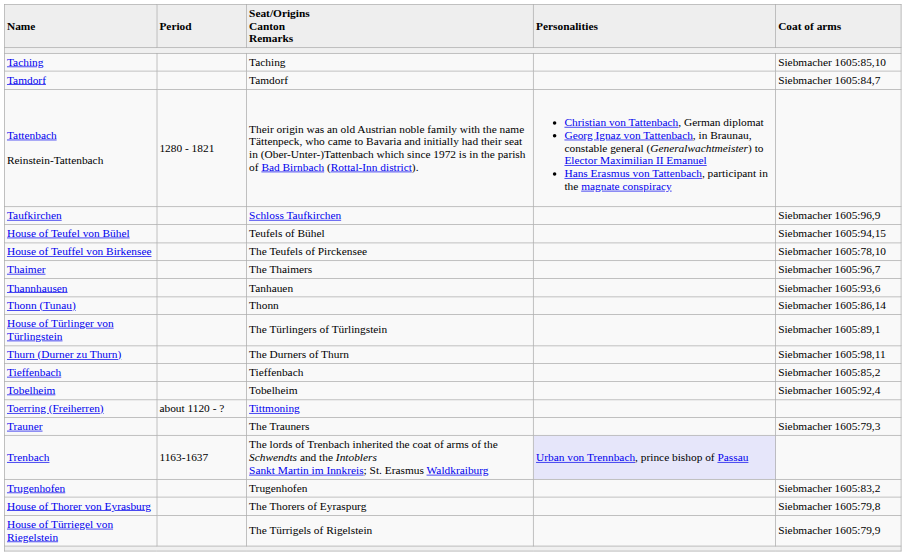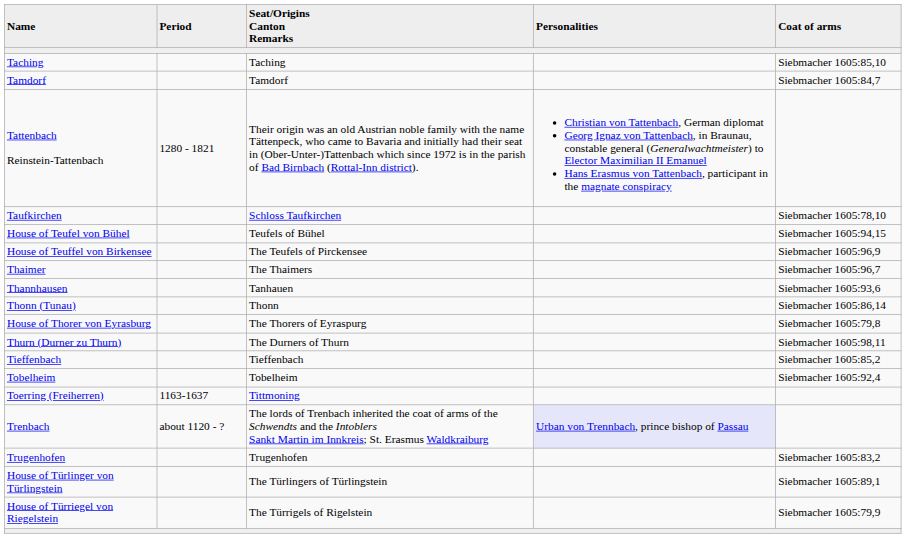 <table class="wikitable" width="100%">
 <tr>
 <td style="background:#EEEEEE;" ! width="17%"><strong>Name</strong></td>
 <td style="background:#EEEEEE;" ! width="10%"><strong>Period</strong></td>
 <td style="background:#EEEEEE;" ! width="32%"><strong>Seat/Origins <br> Canton <br> Remarks</strong></td>
 <td style="background:#EEEEEE;" ! width="27%"><strong>Personalities</strong></td>
 <td style="background:#EEEEEE;" ! width="14%"><strong>Coat of arms</strong></td>
 </tr>
 <tr>
 <td colspan="5" align="left" style="background:#f0f0f0;"></td>
 </tr>
 <tr>
 <td><a href='#'>Taching</a></td>
 <td></td>
 <td>Taching</td>
 <td></td>
 <td>Siebmacher 1605:85,10</td>
 </tr>
 <tr>
 <td><a href='#'>Tamdorf</a></td>
 <td></td>
 <td>Tamdorf</td>
 <td></td>
 <td>Siebmacher 1605:84,7</td>
 </tr>
 <tr>
 <td><a href='#'>Tattenbach</a><br><br>Reinstein-Tattenbach</td>
 <td>1280 - 1821</td>
 <td>Their origin was an old Austrian noble family with the name Tättenpeck, who came to Bavaria and initially had their seat in (Ober-Unter-)Tattenbach which since 1972 is in the parish of <a href='#'>Bad Birnbach</a> (<a href='#'>Rottal-Inn district</a>).</td>
 <td><br><ul><li><a href='#'>Christian von Tattenbach</a>, German diplomat</li><li><a href='#'>Georg Ignaz von Tattenbach</a>, in Braunau, constable general (<em>Generalwachtmeister</em>) to <a href='#'>Elector Maximilian II Emanuel</a></li><li><a href='#'>Hans Erasmus von Tattenbach</a>, participant in the <a href='#'>magnate conspiracy</a></li></ul></td>
 <td></td>
 </tr>
 <tr>
 <td><a href='#'>Taufkirchen</a></td>
 <td></td>
 <td><a href='#'>Schloss Taufkirchen</a></td>
 <td></td>
-<td>Siebmacher 1605:96,9</td>
+<td>Siebmacher 1605:78,10</td>
 </tr>
 <tr>
 <td><a href='#'>House of Teufel von Bühel</a></td>
 <td></td>
 <td>Teufels of Bühel</td>
 <td></td>
 <td>Siebmacher 1605:94,15</td>
 </tr>
 <tr>
 <td><a href='#'>House of Teuffel von Birkensee</a></td>
 <td></td>
 <td>The Teufels of Pirckensee</td>
 <td></td>
-<td>Siebmacher 1605:78,10</td>
+<td>Siebmacher 1605:96,9</td>
 </tr>
 <tr>
 <td><a href='#'>Thaimer</a></td>
 <td></td>
 <td>The Thaimers</td>
 <td></td>
 <td>Siebmacher 1605:96,7</td>
 </tr>
 <tr>
 <td><a href='#'>Thannhausen</a></td>
 <td></td>
 <td>Tanhauen</td>
 <td></td>
 <td>Siebmacher 1605:93,6</td>
 </tr>
 <tr>
 <td><a href='#'>Thonn (Tunau)</a></td>
 <td></td>
 <td>Thonn</td>
 <td></td>
 <td>Siebmacher 1605:86,14</td>
 </tr>
 <tr>
-<td><a href='#'>House of Türlinger von Türlingstein</a></td>
+<td><a href='#'>House of Thorer von Eyrasburg</a></td>
 <td></td>
-<td>The Türlingers of Türlingstein</td>
+<td>The Thorers of Eyraspurg</td>
 <td></td>
-<td>Siebmacher 1605:89,1</td>
+<td>Siebmacher 1605:79,8</td>
 </tr>
 <tr>
 <td><a href='#'>Thurn (Durner zu Thurn)</a></td>
 <td></td>
 <td>The Durners of Thurn</td>
 <td></td>
 <td>Siebmacher 1605:98,11</td>
 </tr>
 <tr>
 <td><a href='#'>Tieffenbach</a></td>
 <td></td>
 <td>Tieffenbach</td>
 <td></td>
 <td>Siebmacher 1605:85,2</td>
 </tr>
 <tr>
 <td><a href='#'>Tobelheim</a></td>
 <td></td>
 <td>Tobelheim</td>
 <td></td>
 <td>Siebmacher 1605:92,4</td>
 </tr>
 <tr>
 <td><a href='#'>Toerring (Freiherren)</a></td>
-<td>about 1120 - ?</td>
+<td>1163-1637</td>
 <td><a href='#'>Tittmoning</a></td>
 <td></td>
 <td></td>
 </tr>
 <tr>
-<td><a href='#'>Trauner</a></td>
-<td></td>
-<td>The Trauners</td>
-<td></td>
-<td>Siebmacher 1605:79,3</td>
-</tr>
-<tr>
 <td><a href='#'>Trenbach</a></td>
-<td>1163-1637</td>
+<td>about 1120 - ?</td>
 <td>The lords of Trenbach inherited the coat of arms of the <em>Schwendts</em> and the <em>Intoblers</em><br><a href='#'>Sankt Martin im Innkreis</a>; St. Erasmus <a href='#'>Waldkraiburg</a></td>
 <td style="background: lavender;"><a href='#'>Urban von Trennbach</a>, prince bishop of <a href='#'>Passau</a></td>
 <td></td>
 </tr>
 <tr>
 <td><a href='#'>Trugenhofen</a></td>
 <td></td>
 <td>Trugenhofen</td>
 <td></td>
 <td>Siebmacher 1605:83,2</td>
 </tr>
 <tr>
-<td><a href='#'>House of Thorer von Eyrasburg</a></td>
+<td><a href='#'>House of Türlinger von Türlingstein</a></td>
 <td></td>
-<td>The Thorers of Eyraspurg</td>
+<td>The Türlingers of Türlingstein</td>
 <td></td>
-<td>Siebmacher 1605:79,8</td>
+<td>Siebmacher 1605:89,1</td>
 </tr>
 <tr>
 <td><a href='#'>House of Türriegel von Riegelstein</a></td>
 <td></td>
 <td>The Türrigels of Rigelstein</td>
 <td></td>
 <td>Siebmacher 1605:79,9</td>
 </tr>
 <tr>
 <td colspan="5" align="left" style="background:#f0f0f0;"></td>
 </tr>
 </table>
